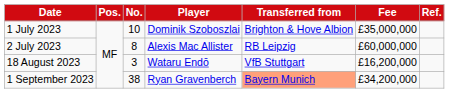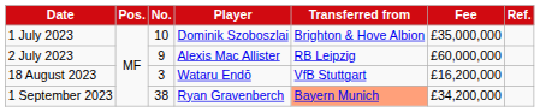 <table class="wikitable plainrowheaders sortable">
 <tr>
 <th style="background:#D10A11; color:white; ">Date</th>
 <th style="background:#D10A11; color:white; ">Pos.</th>
 <th style="background:#D10A11; color:white; ">No.</th>
 <th style="background:#D10A11; color:white; ">Player</th>
 <th style="background:#D10A11; color:white; ">Transferred from</th>
 <th style="background:#D10A11; color:white; ">Fee</th>
 <th style="background:#D10A11; color:white; ">Ref.</th>
 </tr>
 <tr>
 <td>1 July 2023</td>
 <td rowspan="4" style="text-align:center;">MF</td>
 <td style="text-align:center;">10</td>
 <td style="text-align:left;"> <a href='#'>Dominik Szoboszlai</a></td>
 <td style="text-align:left;"> <a href='#'>Brighton & Hove Albion</a></td>
 <td>£35,000,000</td>
 <td></td>
 </tr>
 <tr>
 <td>2 July 2023</td>
-<td style="text-align:center;">8</td>
+<td style="text-align:center;">9</td>
 <td style="text-align:left;"> <a href='#'>Alexis Mac Allister</a></td>
 <td style="text-align:left;"> <a href='#'>RB Leipzig</a></td>
 <td>£60,000,000</td>
 <td></td>
 </tr>
 <tr>
 <td>18 August 2023</td>
 <td style="text-align:center;">3</td>
 <td style="text-align:left;"> <a href='#'>Wataru Endō</a></td>
 <td style="text-align:left;"> <a href='#'>VfB Stuttgart</a></td>
 <td>£16,200,000</td>
 <td></td>
 </tr>
 <tr>
 <td>1 September 2023</td>
 <td style="text-align:center;">38</td>
 <td style="text-align:left;"> <a href='#'>Ryan Gravenberch</a></td>
 <td style="background: lightsalmon; text-align:left;"> <a href='#'>Bayern Munich</a></td>
 <td>£34,200,000</td>
 <td></td>
 </tr>
 </table>
